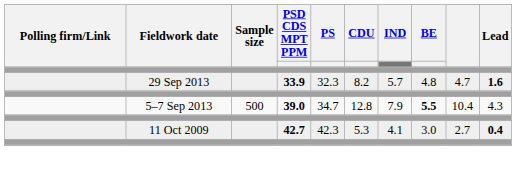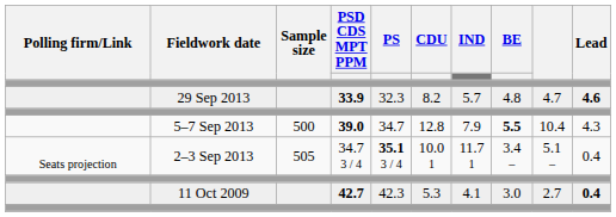 <table class="wikitable collapsible sortable" style="text-align:center; font-size:95%; line-height:16px;">
 <tr style="height:42px;">
 <th style="width:145px;" rowspan="2">Polling firm/Link</th>
 <th style="width:125px;" rowspan="2">Fieldwork date</th>
 <th class="unsortable" style="width:50px;" rowspan="2">Sample size</th>
 <th class="unsortable" style="width:35px;"><a href='#'>PSD</a><br><a href='#'>CDS</a><br><a href='#'>MPT</a><br><a href='#'>PPM</a></th>
 <th class="unsortable" style="width:35px;"><a href='#'>PS</a></th>
 <th class="unsortable" style="width:35px;"><a href='#'>CDU</a></th>
 <th class="unsortable" style="width:35px;"><a href='#'>IND</a></th>
 <th class="unsortable" style="width:35px;"><a href='#'>BE</a></th>
 <th class="unsortable" style="width:35px;" rowspan="2"></th>
 <th class="unsortable" style="width:30px;" rowspan="2">Lead</th>
 </tr>
 <tr>
 <th class="unsortable" style="color:inherit;background:"></th>
 <th class="unsortable" style="color:inherit;background:"></th>
 <th class="unsortable" style="color:inherit;background:"></th>
 <th class="unsortable" style="color:inherit;background:#777777;"></th>
 <th class="unsortable" style="color:inherit;background:"></th>
 </tr>
 <tr>
 <td colspan="10" style="background:#A0A0A0"></td>
 </tr>
 <tr style="background:#EFEFEF;">
 <td><strong></strong></td>
 <td data-sort-value="2019-10-06">29 Sep 2013</td>
 <td></td>
 <td><strong>33.9</strong><br></td>
 <td>32.3<br></td>
 <td align="center">8.2</td>
 <td>5.7<br></td>
 <td>4.8<br></td>
 <td align="center">4.7</td>
-<td style="background:"><strong>1.6</strong></td>
+<td style="background:"><strong>4.6</strong></td>
 </tr>
 <tr>
 <td colspan="10" style="background:#A0A0A0"></td>
 </tr>
 <tr>
 <td align="center"></td>
 <td align="center">5–7 Sep 2013</td>
 <td>500</td>
 <td align="center" ><strong>39.0</strong></td>
 <td align="center">34.7</td>
 <td>12.8<br></td>
 <td align="center">7.9</td>
 <td align="center"><strong>5.5</strong></td>
 <td>10.4<br></td>
 <td style="background:">4.3</td>
+</tr>
+<tr>
+<td align="center"><br><small>Seats projection</small></td>
+<td align="center">2–3 Sep 2013</td>
+<td>505</td>
+<td align="center">34.7<br><small>3 / 4  </small></td>
+<td align="center" ><strong>35.1</strong><br><small>3 / 4  </small></td>
+<td align="center">10.0<br><small>1  </small></td>
+<td align="center">11.7<br><small>1  </small></td>
+<td align="center">3.4<br><small>–  </small></td>
+<td align="center">5.1<br><small> –   </small></td>
+<td style="background:">0.4</td>
 </tr>
 <tr>
 <td colspan="10" style="background:#A0A0A0"></td>
 </tr>
 <tr style="background:#EFEFEF;">
 <td><strong></strong></td>
 <td data-sort-value="2019-10-06">11 Oct 2009</td>
 <td></td>
 <td><strong>42.7</strong><br></td>
 <td>42.3<br></td>
 <td>5.3<br></td>
 <td>4.1<br></td>
 <td>3.0<br></td>
 <td>2.7</td>
 <td style="background:"><strong>0.4</strong></td>
 </tr>
 <tr>
 <td colspan="10" style="background:#A0A0A0"></td>
 </tr>
 <tr>
 </tr>
 </table>
